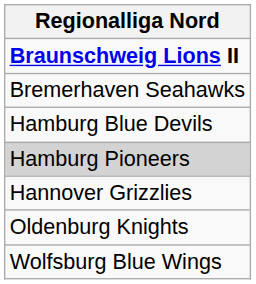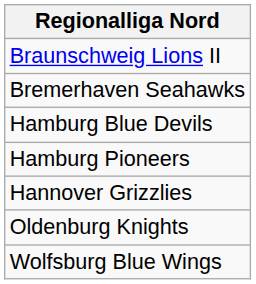 <table class="wikitable">
 <tr>
 <th>Regionalliga Nord</th>
 </tr>
 <tr>
-<td><strong><a href='#'>Braunschweig Lions</a> II</strong></td>
+<td><a href='#'>Braunschweig Lions</a> II</td>
 </tr>
 <tr>
 <td>Bremerhaven Seahawks</td>
 </tr>
 <tr>
 <td>Hamburg Blue Devils</td>
 </tr>
 <tr>
-<td style="background: lightgrey;">Hamburg Pioneers</td>
+<td>Hamburg Pioneers</td>
 </tr>
 <tr>
 <td>Hannover Grizzlies</td>
 </tr>
 <tr>
 <td>Oldenburg Knights</td>
 </tr>
 <tr>
 <td>Wolfsburg Blue Wings</td>
 </tr>
 </table>
